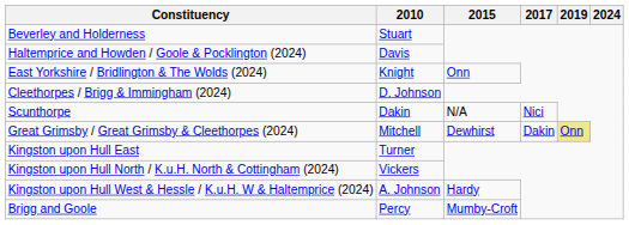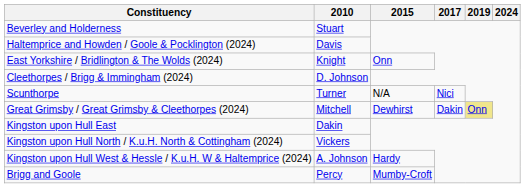 <table class="wikitable">
 <tr>
 <th>Constituency</th>
 <th>2010</th>
 <th>2015</th>
 <th>2017</th>
 <th>2019</th>
 <th>2024</th>
 </tr>
 <tr>
 <td><a href='#'>Beverley and Holderness</a></td>
 <td><a href='#'>Stuart</a></td>
 </tr>
 <tr>
 <td><a href='#'>Haltemprice and Howden</a> / <a href='#'>Goole & Pocklington</a> (2024)</td>
 <td><a href='#'>Davis</a></td>
 </tr>
 <tr>
 <td><a href='#'>East Yorkshire</a> / <a href='#'>Bridlington & The Wolds</a> (2024)</td>
 <td><a href='#'>Knight</a></td>
 <td><a href='#'>Onn</a></td>
 </tr>
 <tr>
 <td><a href='#'>Cleethorpes</a> / <a href='#'>Brigg & Immingham</a> (2024)</td>
 <td><a href='#'>D. Johnson</a></td>
 </tr>
 <tr>
 <td><a href='#'>Scunthorpe</a></td>
-<td><a href='#'>Dakin</a></td>
+<td><a href='#'>Turner</a></td>
 <td>N/A</td>
 <td><a href='#'>Nici</a></td>
 </tr>
 <tr>
 <td><a href='#'>Great Grimsby</a> / <a href='#'>Great Grimsby & Cleethorpes</a> (2024)</td>
 <td><a href='#'>Mitchell</a></td>
 <td><a href='#'>Dewhirst</a></td>
 <td><a href='#'>Dakin</a></td>
 <td style="background: khaki;"><a href='#'>Onn</a></td>
 </tr>
 <tr>
 <td><a href='#'>Kingston upon Hull East</a></td>
-<td><a href='#'>Turner</a></td>
+<td><a href='#'>Dakin</a></td>
 </tr>
 <tr>
 <td><a href='#'>Kingston upon Hull North</a> / <a href='#'>K.u.H. North & Cottingham</a> (2024)</td>
 <td><a href='#'>Vickers</a></td>
 </tr>
 <tr>
 <td><a href='#'>Kingston upon Hull West & Hessle</a> / <a href='#'>K.u.H. W & Haltemprice</a> (2024)</td>
 <td><a href='#'>A. Johnson</a></td>
 <td><a href='#'>Hardy</a></td>
 </tr>
 <tr>
 <td><a href='#'>Brigg and Goole</a></td>
 <td><a href='#'>Percy</a></td>
 <td><a href='#'>Mumby-Croft</a></td>
 </tr>
 </table>
